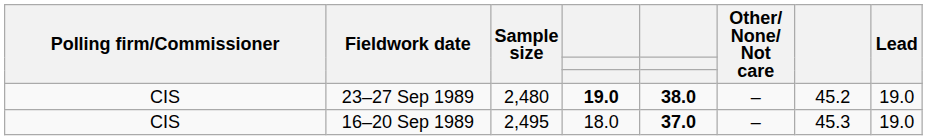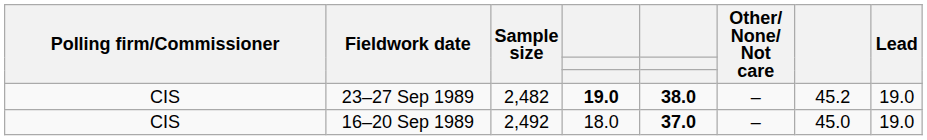 <table class="wikitable collapsible collapsed" style="text-align:center; font-size:90%; line-height:14px;">
 <tr style="height:42px;">
 <th style="width:250px;" rowspan="3">Polling firm/Commissioner</th>
 <th style="width:125px;" rowspan="3">Fieldwork date</th>
 <th style="width:50px;" rowspan="3">Sample size</th>
 <th style="width:55px;"></th>
 <th style="width:55px;"></th>
 <th style="width:55px;" rowspan="3">Other/<br>None/<br>Not<br>care</th>
 <th style="width:55px;" rowspan="3"></th>
 <th style="width:30px;" rowspan="3">Lead</th>
 </tr>
 <tr>
 <th style="color:inherit;background:"></th>
 <th style="color:inherit;background:"></th>
 </tr>
 <tr>
 <th></th>
 <th></th>
 </tr>
 <tr>
 <td>CIS</td>
 <td>23–27 Sep 1989</td>
-<td>2,480</td>
+<td>2,482</td>
 <td><strong>19.0</strong></td>
 <td><strong>38.0</strong></td>
 <td>–</td>
 <td>45.2</td>
 <td style="background:">19.0</td>
 </tr>
 <tr>
 <td>CIS</td>
 <td>16–20 Sep 1989</td>
-<td>2,495</td>
+<td>2,492</td>
 <td>18.0</td>
 <td><strong>37.0</strong></td>
 <td>–</td>
-<td>45.3</td>
+<td>45.0</td>
 <td style="background:">19.0</td>
 </tr>
 </table>
